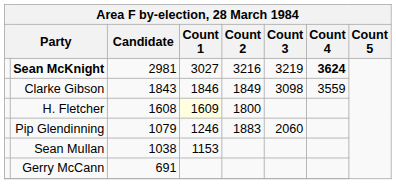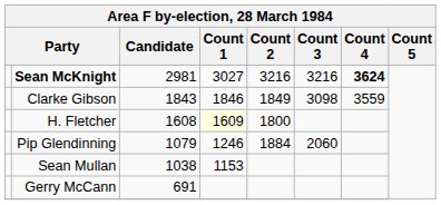 <table class="wikitable" style="font-size: 95%;">
 <tr>
 <th colspan="11">Area F by-election, 28 March 1984</th>
 </tr>
 <tr>
 <th colspan="2" style="width: 80px">Party</th>
 <th style="width: 80px">Candidate</th>
 <th style="width: 40px">Count 1</th>
 <th style="width: 40px">Count 2</th>
 <th style="width: 40px">Count 3</th>
 <th style="width: 40px">Count 4</th>
 <th style="width: 40px">Count 5</th>
 </tr>
 <tr>
 <td></td>
 <td align="right"><strong>Sean McKnight</strong></td>
 <td align="right">2981</td>
 <td align="right">3027</td>
 <td align="right">3216</td>
-<td align="right">3219</td>
+<td align="right">3216</td>
 <td align="right"><strong>3624</strong></td>
 </tr>
 <tr>
 <td></td>
 <td align="right">Clarke Gibson</td>
 <td align="right">1843</td>
 <td align="right">1846</td>
 <td align="right">1849</td>
 <td align="right">3098</td>
 <td align="right">3559</td>
 </tr>
 <tr>
 <td></td>
 <td align="right">H. Fletcher</td>
 <td align="right">1608</td>
 <td align="right" style="background: lightyellow;">1609</td>
 <td align="right">1800</td>
 <td align="right"></td>
 <td align="right"></td>
 </tr>
 <tr>
 <td></td>
 <td align="right">Pip Glendinning</td>
 <td align="right">1079</td>
 <td align="right">1246</td>
-<td align="right">1883</td>
+<td align="right">1884</td>
 <td align="right">2060</td>
 <td align="right"></td>
 </tr>
 <tr>
 <td></td>
 <td align="right">Sean Mullan</td>
 <td align="right">1038</td>
 <td align="right">1153</td>
 <td align="right"></td>
 <td align="right"></td>
 <td align="right"></td>
 </tr>
 <tr>
 <td></td>
 <td align="right">Gerry McCann</td>
 <td align="right">691</td>
 <td align="right"></td>
 <td align="right"></td>
 <td align="right"></td>
 <td align="right"></td>
 </tr>
 <tr>
 </tr>
 <tr style="background-color:#E9E9E9">
 </tr>
 <tr>
 </tr>
 </table>
